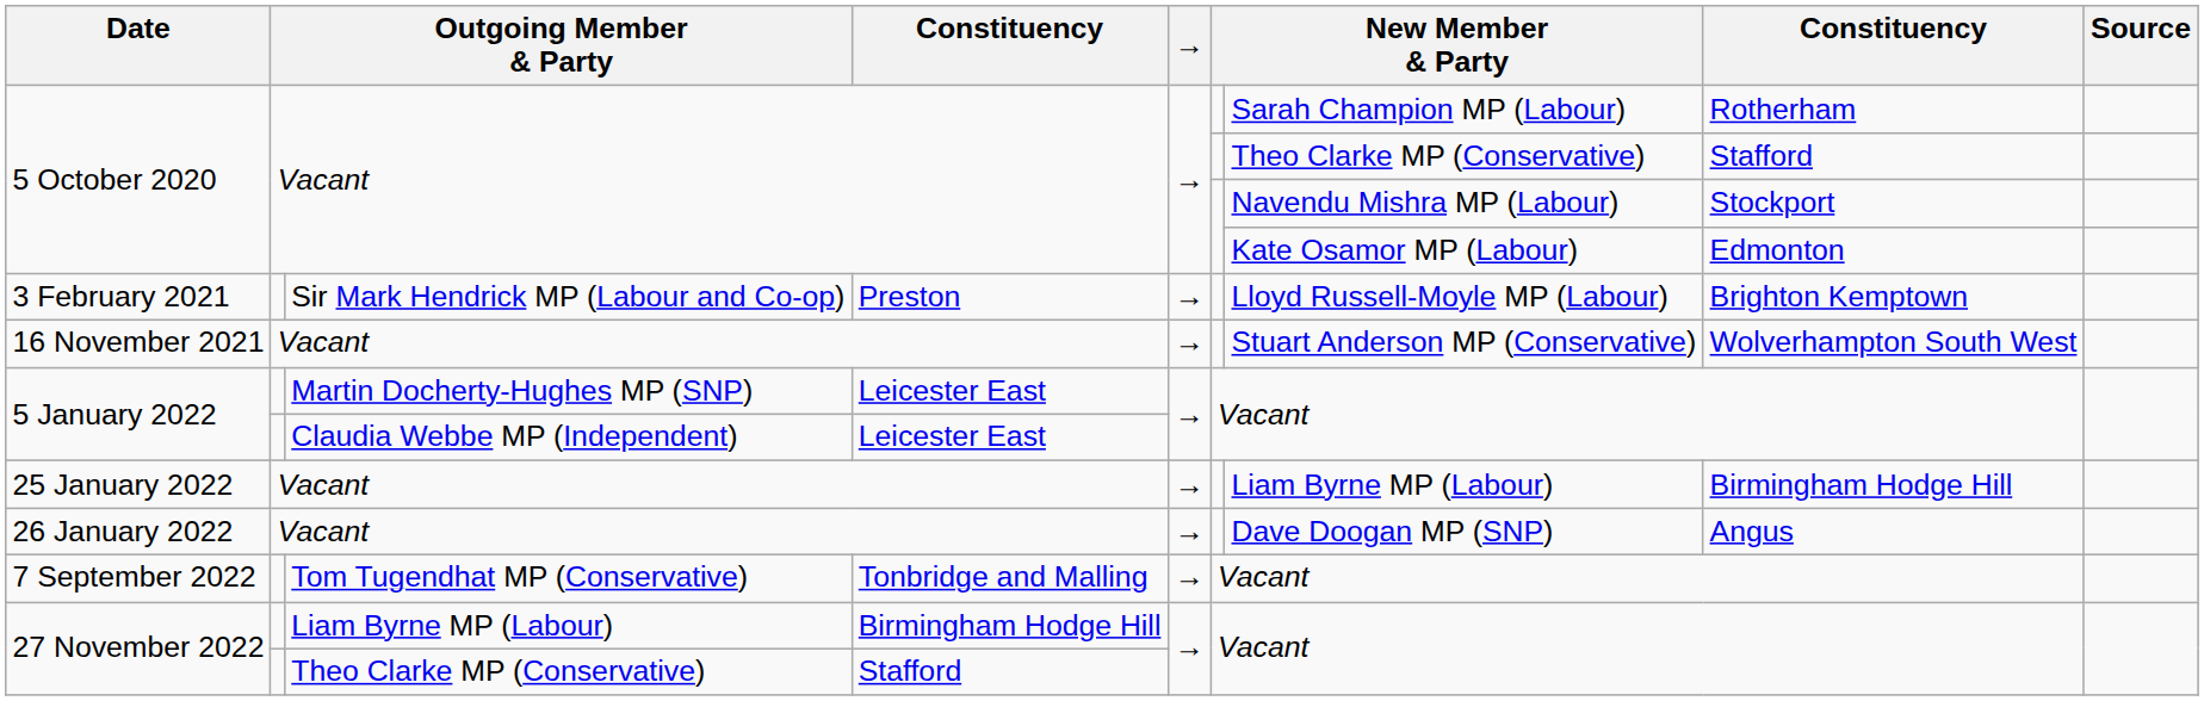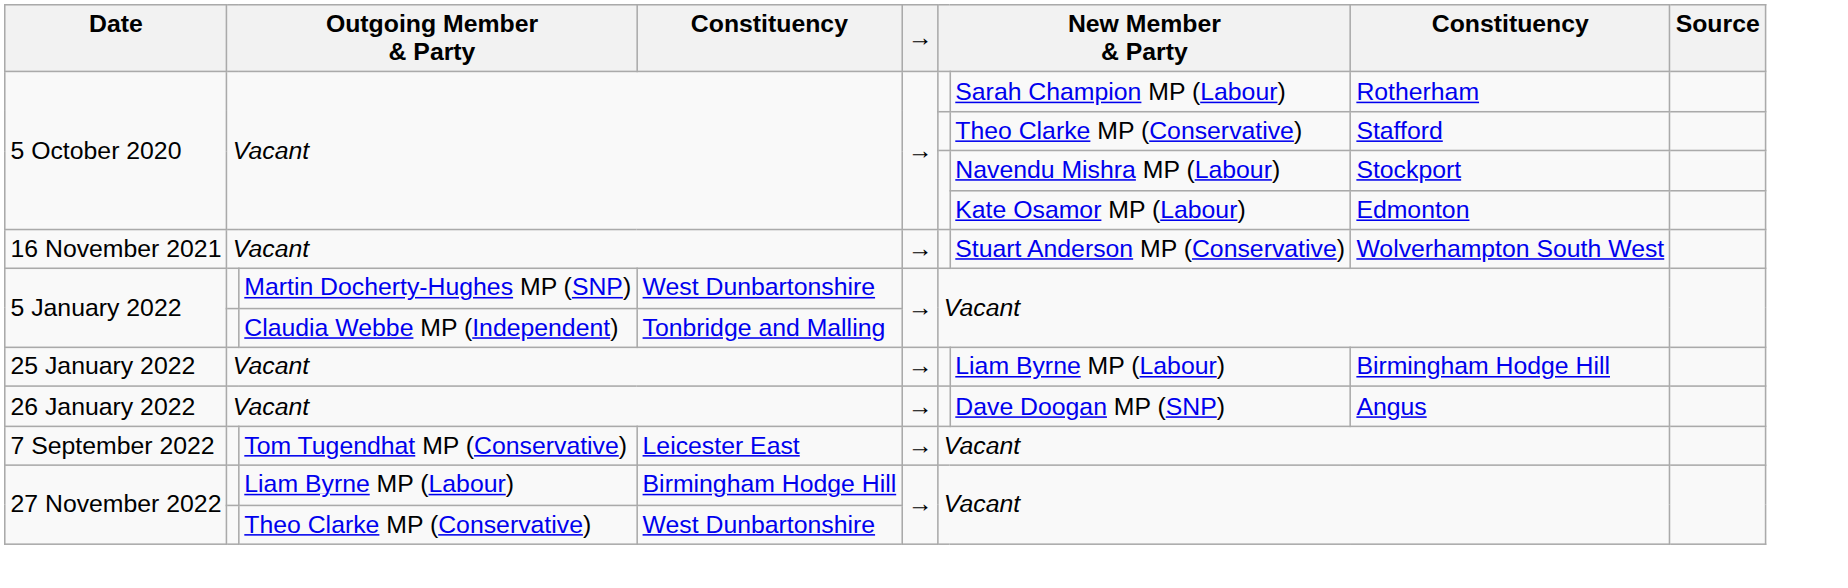 <table class="wikitable">
 <tr>
 <th valign="top">Date</th>
 <th colspan="2" valign="top">Outgoing Member<br>& Party</th>
 <th valign="top">Constituency</th>
 <th>→</th>
 <th colspan="2" valign="top">New Member<br>& Party</th>
 <th valign="top">Constituency</th>
 <th valign="top">Source</th>
 </tr>
 <tr>
 <td rowspan=4>5 October 2020</td>
 <td colspan=3 rowspan=4><em>Vacant</em></td>
 <td rowspan=4>→</td>
 <td style="color:inherit;background:"></td>
 <td><a href='#'>Sarah Champion</a> MP (<a href='#'>Labour</a>)</td>
 <td><a href='#'>Rotherham</a></td>
 <td></td>
 </tr>
 <tr>
 <td style="color:inherit;background:"></td>
 <td><a href='#'>Theo Clarke</a> MP (<a href='#'>Conservative</a>)</td>
 <td><a href='#'>Stafford</a></td>
 <td></td>
 </tr>
 <tr>
 <td rowspan=2 style="color:inherit;background:"></td>
 <td><a href='#'>Navendu Mishra</a> MP (<a href='#'>Labour</a>)</td>
 <td><a href='#'>Stockport</a></td>
 <td></td>
 </tr>
 <tr>
 <td><a href='#'>Kate Osamor</a> MP (<a href='#'>Labour</a>)</td>
 <td><a href='#'>Edmonton</a></td>
 <td></td>
 </tr>
 <tr>
-<td>3 February 2021</td>
-<td style="color:inherit;background:"></td>
-<td>Sir <a href='#'>Mark Hendrick</a> MP (<a href='#'>Labour and Co-op</a>)</td>
-<td><a href='#'>Preston</a></td>
-<td>→</td>
-<td style="color:inherit;background:"></td>
-<td><a href='#'>Lloyd Russell-Moyle</a> MP (<a href='#'>Labour</a>)</td>
-<td><a href='#'>Brighton Kemptown</a></td>
-<td></td>
-</tr>
-<tr>
 <td>16 November 2021</td>
 <td colspan=3><em>Vacant</em></td>
 <td>→</td>
 <td style="color:inherit;background:"></td>
 <td><a href='#'>Stuart Anderson</a> MP (<a href='#'>Conservative</a>)</td>
 <td><a href='#'>Wolverhampton South West</a></td>
 <td></td>
 </tr>
 <tr>
 <td rowspan=2>5 January 2022</td>
 <td style="color:inherit;background:"></td>
 <td><a href='#'>Martin Docherty-Hughes</a> MP (<a href='#'>SNP</a>)</td>
-<td><a href='#'>Leicester East</a></td>
+<td><a href='#'>West Dunbartonshire</a></td>
 <td rowspan=2>→</td>
 <td colspan=3 rowspan=2><em>Vacant</em></td>
 <td rowspan=2></td>
 </tr>
 <tr>
 <td style="color:inherit;background:"></td>
 <td><a href='#'>Claudia Webbe</a> MP (<a href='#'>Independent</a>)</td>
-<td><a href='#'>Leicester East</a></td>
+<td><a href='#'>Tonbridge and Malling</a></td>
 </tr>
 <tr>
 <td>25 January 2022</td>
 <td colspan=3><em>Vacant</em></td>
 <td>→</td>
 <td style="color:inherit;background:"></td>
 <td><a href='#'>Liam Byrne</a> MP (<a href='#'>Labour</a>)</td>
 <td><a href='#'>Birmingham Hodge Hill</a></td>
 <td></td>
 </tr>
 <tr>
 <td>26 January 2022</td>
 <td colspan=3><em>Vacant</em></td>
 <td>→</td>
 <td style="color:inherit;background:"></td>
 <td><a href='#'>Dave Doogan</a> MP (<a href='#'>SNP</a>)</td>
 <td><a href='#'>Angus</a></td>
 <td></td>
 </tr>
 <tr>
 <td>7 September 2022</td>
 <td style="color:inherit;background:"></td>
 <td><a href='#'>Tom Tugendhat</a> MP (<a href='#'>Conservative</a>)</td>
-<td><a href='#'>Tonbridge and Malling</a></td>
+<td><a href='#'>Leicester East</a></td>
 <td>→</td>
 <td colspan=3><em>Vacant</em></td>
 </tr>
 <tr>
 <td rowspan=2>27 November 2022</td>
 <td style="color:inherit;background:"></td>
 <td><a href='#'>Liam Byrne</a> MP (<a href='#'>Labour</a>)</td>
 <td><a href='#'>Birmingham Hodge Hill</a></td>
 <td rowspan=2>→</td>
 <td rowspan=2 colspan=3><em>Vacant</em></td>
 <td rowspan=2></td>
 </tr>
 <tr>
 <td style="color:inherit;background:"></td>
 <td><a href='#'>Theo Clarke</a> MP (<a href='#'>Conservative</a>)</td>
-<td><a href='#'>Stafford</a></td>
+<td><a href='#'>West Dunbartonshire</a></td>
 </tr>
 </table>
